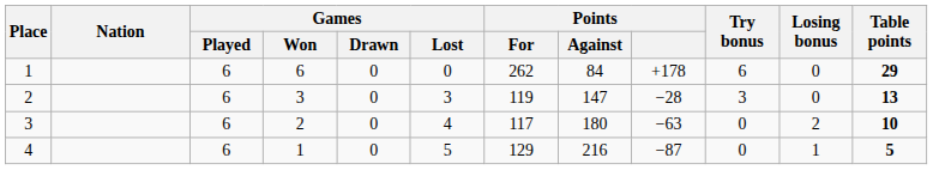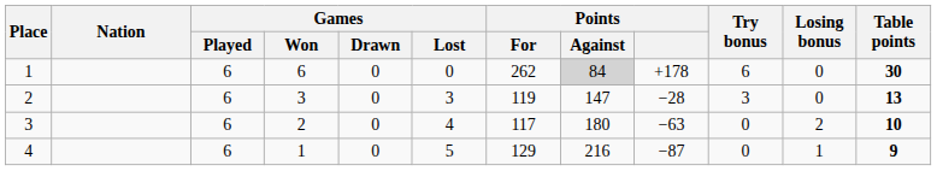 <table class="wikitable" style="width:100%;text-align:center">
 <tr>
 <th rowspan="2" style="width:5%">Place</th>
 <th rowspan="2" style="width:15%">Nation</th>
 <th colspan="4" style="width:32%">Games</th>
 <th colspan="3" style="width:18%">Points</th>
 <th rowspan="2" style="width:8%">Try<br>bonus</th>
 <th rowspan="2" style="width:8%">Losing<br>bonus</th>
 <th rowspan="2" style="width:10%">Table<br>points</th>
 </tr>
 <tr>
 <th style="width:8%">Played</th>
 <th style="width:8%">Won</th>
 <th style="width:8%">Drawn</th>
 <th style="width:8%">Lost</th>
 <th style="width:8%">For</th>
 <th style="width:8%">Against</th>
 <th style="width:8%"></th>
 </tr>
 <tr>
 <td>1</td>
 <td align="left"></td>
 <td>6</td>
 <td>6</td>
 <td>0</td>
 <td>0</td>
 <td>262</td>
-<td>84</td>
+<td style="background: lightgrey;">84</td>
 <td>+178</td>
 <td>6</td>
 <td>0</td>
-<td><strong>29</strong></td>
+<td><strong>30</strong></td>
 </tr>
 <tr>
 <td>2</td>
 <td align="left"></td>
 <td>6</td>
 <td>3</td>
 <td>0</td>
 <td>3</td>
 <td>119</td>
 <td>147</td>
 <td>−28</td>
 <td>3</td>
 <td>0</td>
 <td><strong>13</strong></td>
 </tr>
 <tr>
 <td>3</td>
 <td align="left"></td>
 <td>6</td>
 <td>2</td>
 <td>0</td>
 <td>4</td>
 <td>117</td>
 <td>180</td>
 <td>−63</td>
 <td>0</td>
 <td>2</td>
 <td><strong>10</strong></td>
 </tr>
 <tr>
 <td>4</td>
 <td align="left"></td>
 <td>6</td>
 <td>1</td>
 <td>0</td>
 <td>5</td>
 <td>129</td>
 <td>216</td>
 <td>−87</td>
 <td>0</td>
 <td>1</td>
-<td><strong>5</strong></td>
+<td><strong>9</strong></td>
 </tr>
 </table>
